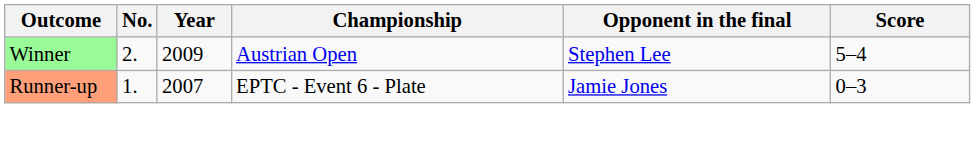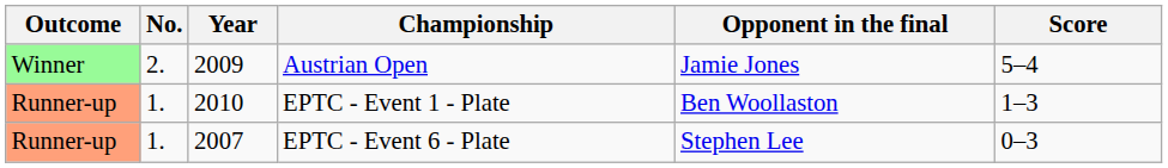 <table class="sortable wikitable">
 <tr>
 <th width=80>Outcome</th>
 <th width=20>No.</th>
 <th width=50>Year</th>
 <th width=250>Championship</th>
 <th width=200>Opponent in the final</th>
 <th width=100>Score</th>
 </tr>
 <tr>
 <td style="background:#98FB98">Winner</td>
 <td>2.</td>
 <td>2009</td>
 <td><a href='#'>Austrian Open</a></td>
-<td> <a href='#'>Stephen Lee</a></td>
+<td> <a href='#'>Jamie Jones</a></td>
 <td>5–4</td>
+</tr>
+<tr>
+<td style="background:#ffa07a">Runner-up</td>
+<td>1.</td>
+<td>2010</td>
+<td>EPTC - Event 1 - Plate</td>
+<td> <a href='#'>Ben Woollaston</a></td>
+<td>1–3</td>
 </tr>
 <tr>
 <td style="background:#ffa07a">Runner-up</td>
 <td>1.</td>
 <td>2007</td>
 <td>EPTC - Event 6 - Plate</td>
-<td> <a href='#'>Jamie Jones</a></td>
+<td> <a href='#'>Stephen Lee</a></td>
 <td>0–3</td>
 </tr>
 </table>
